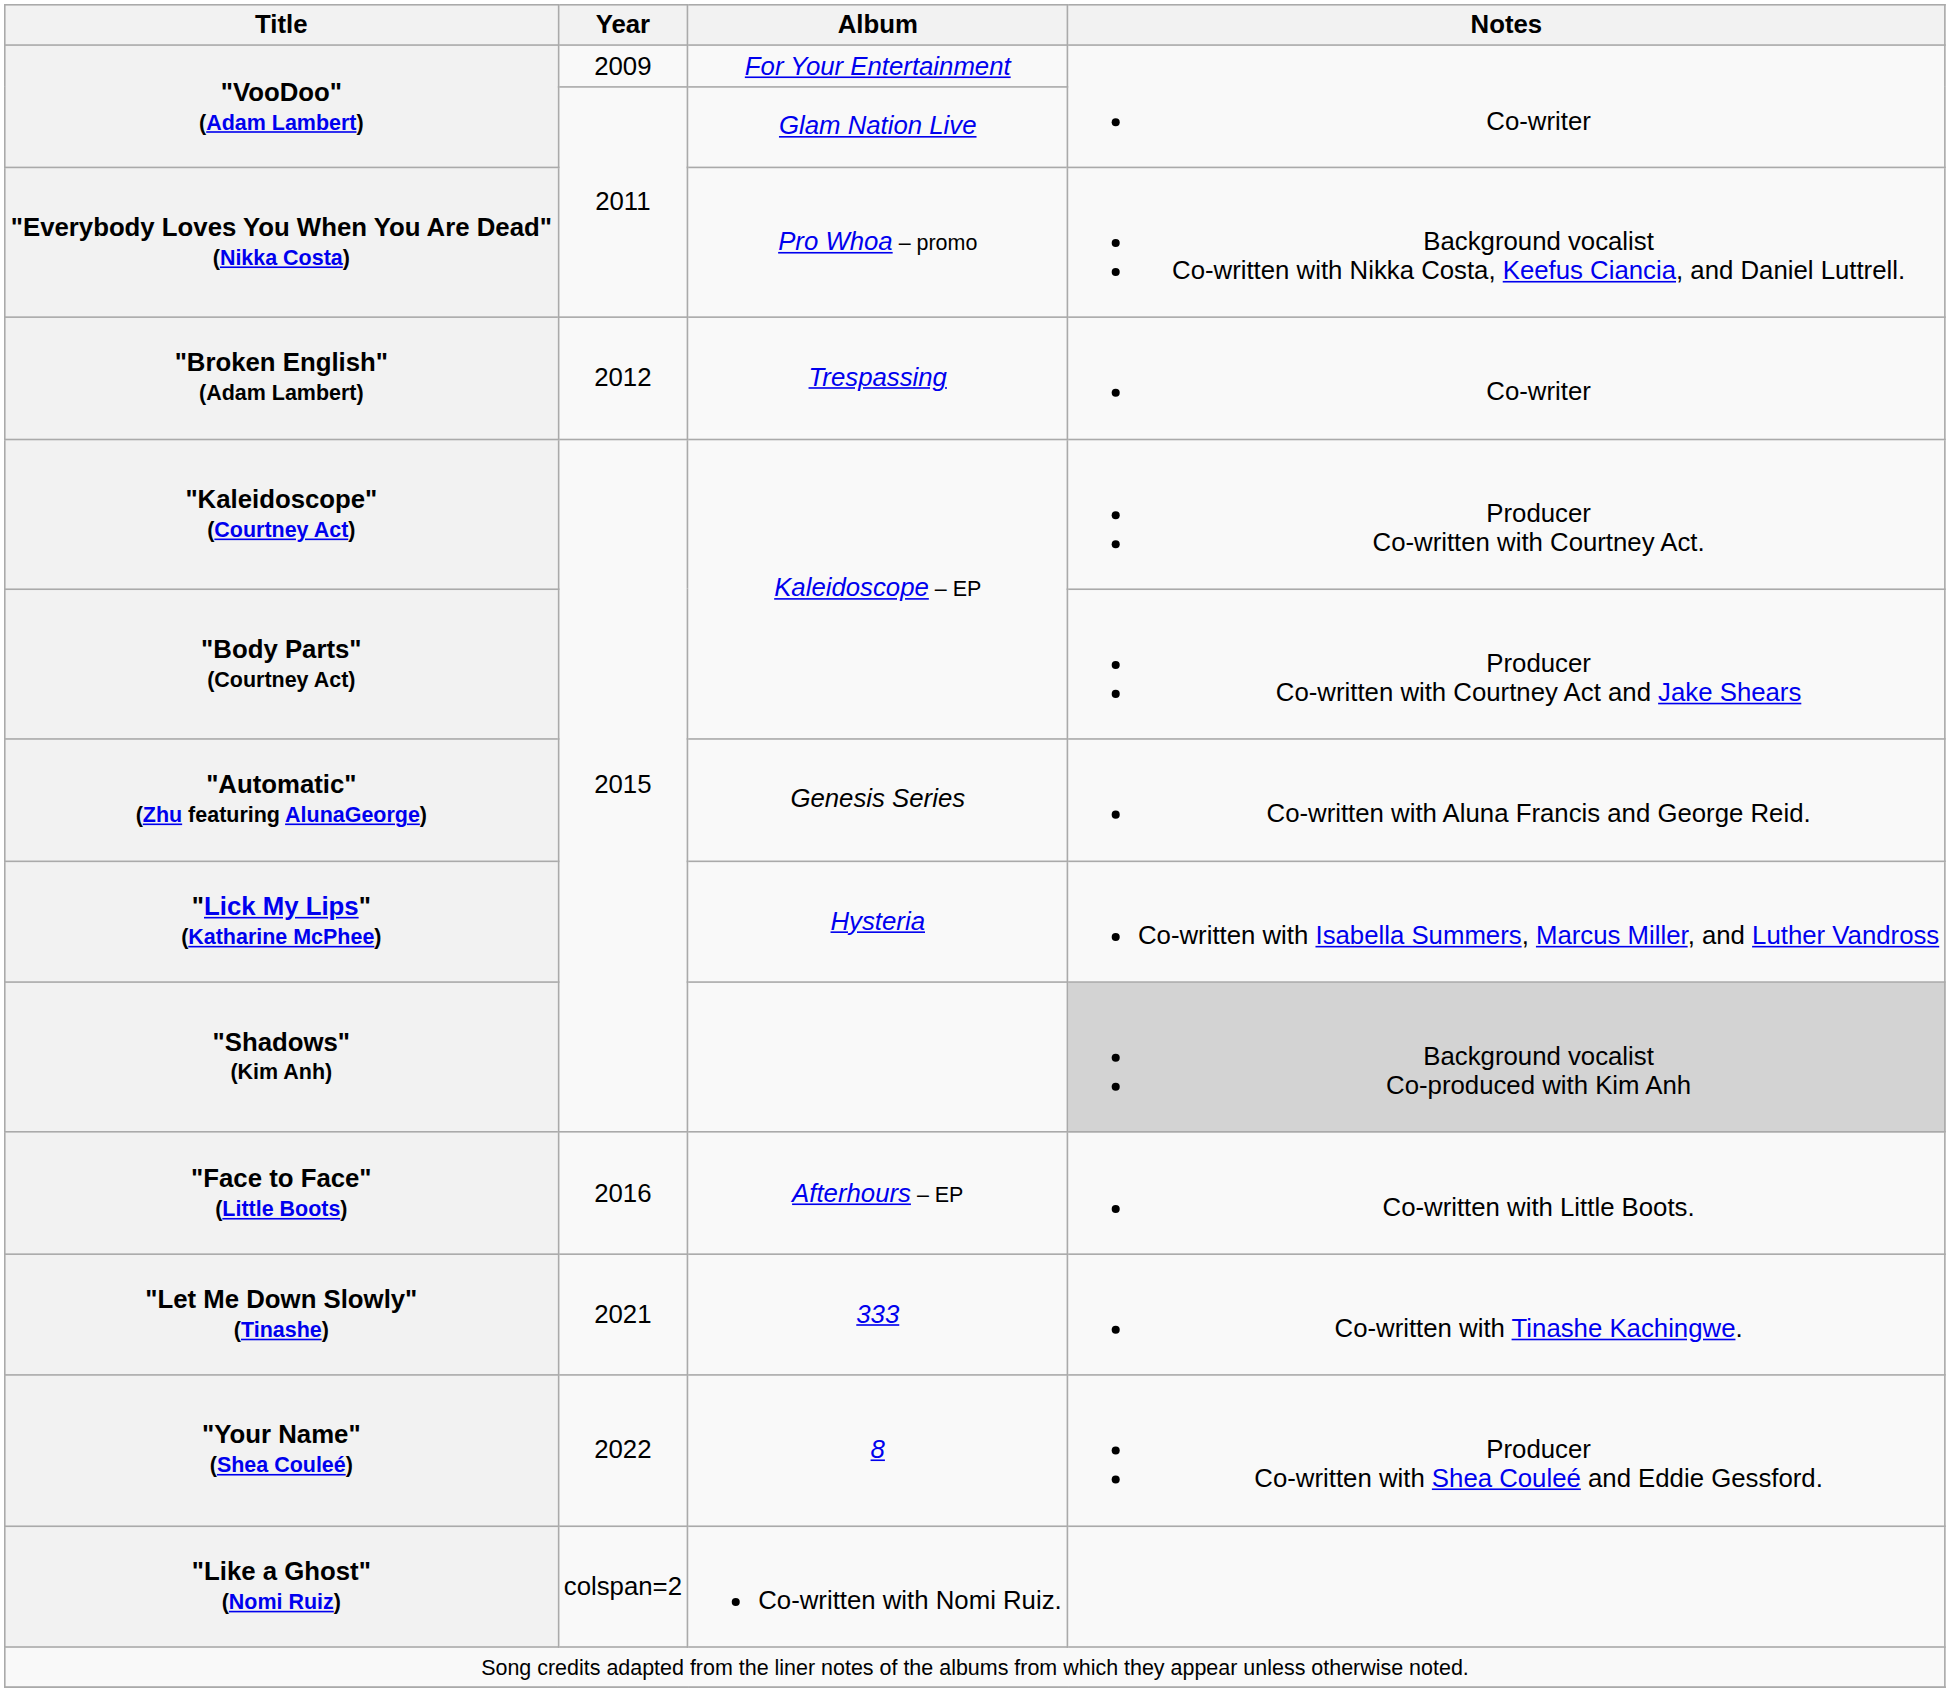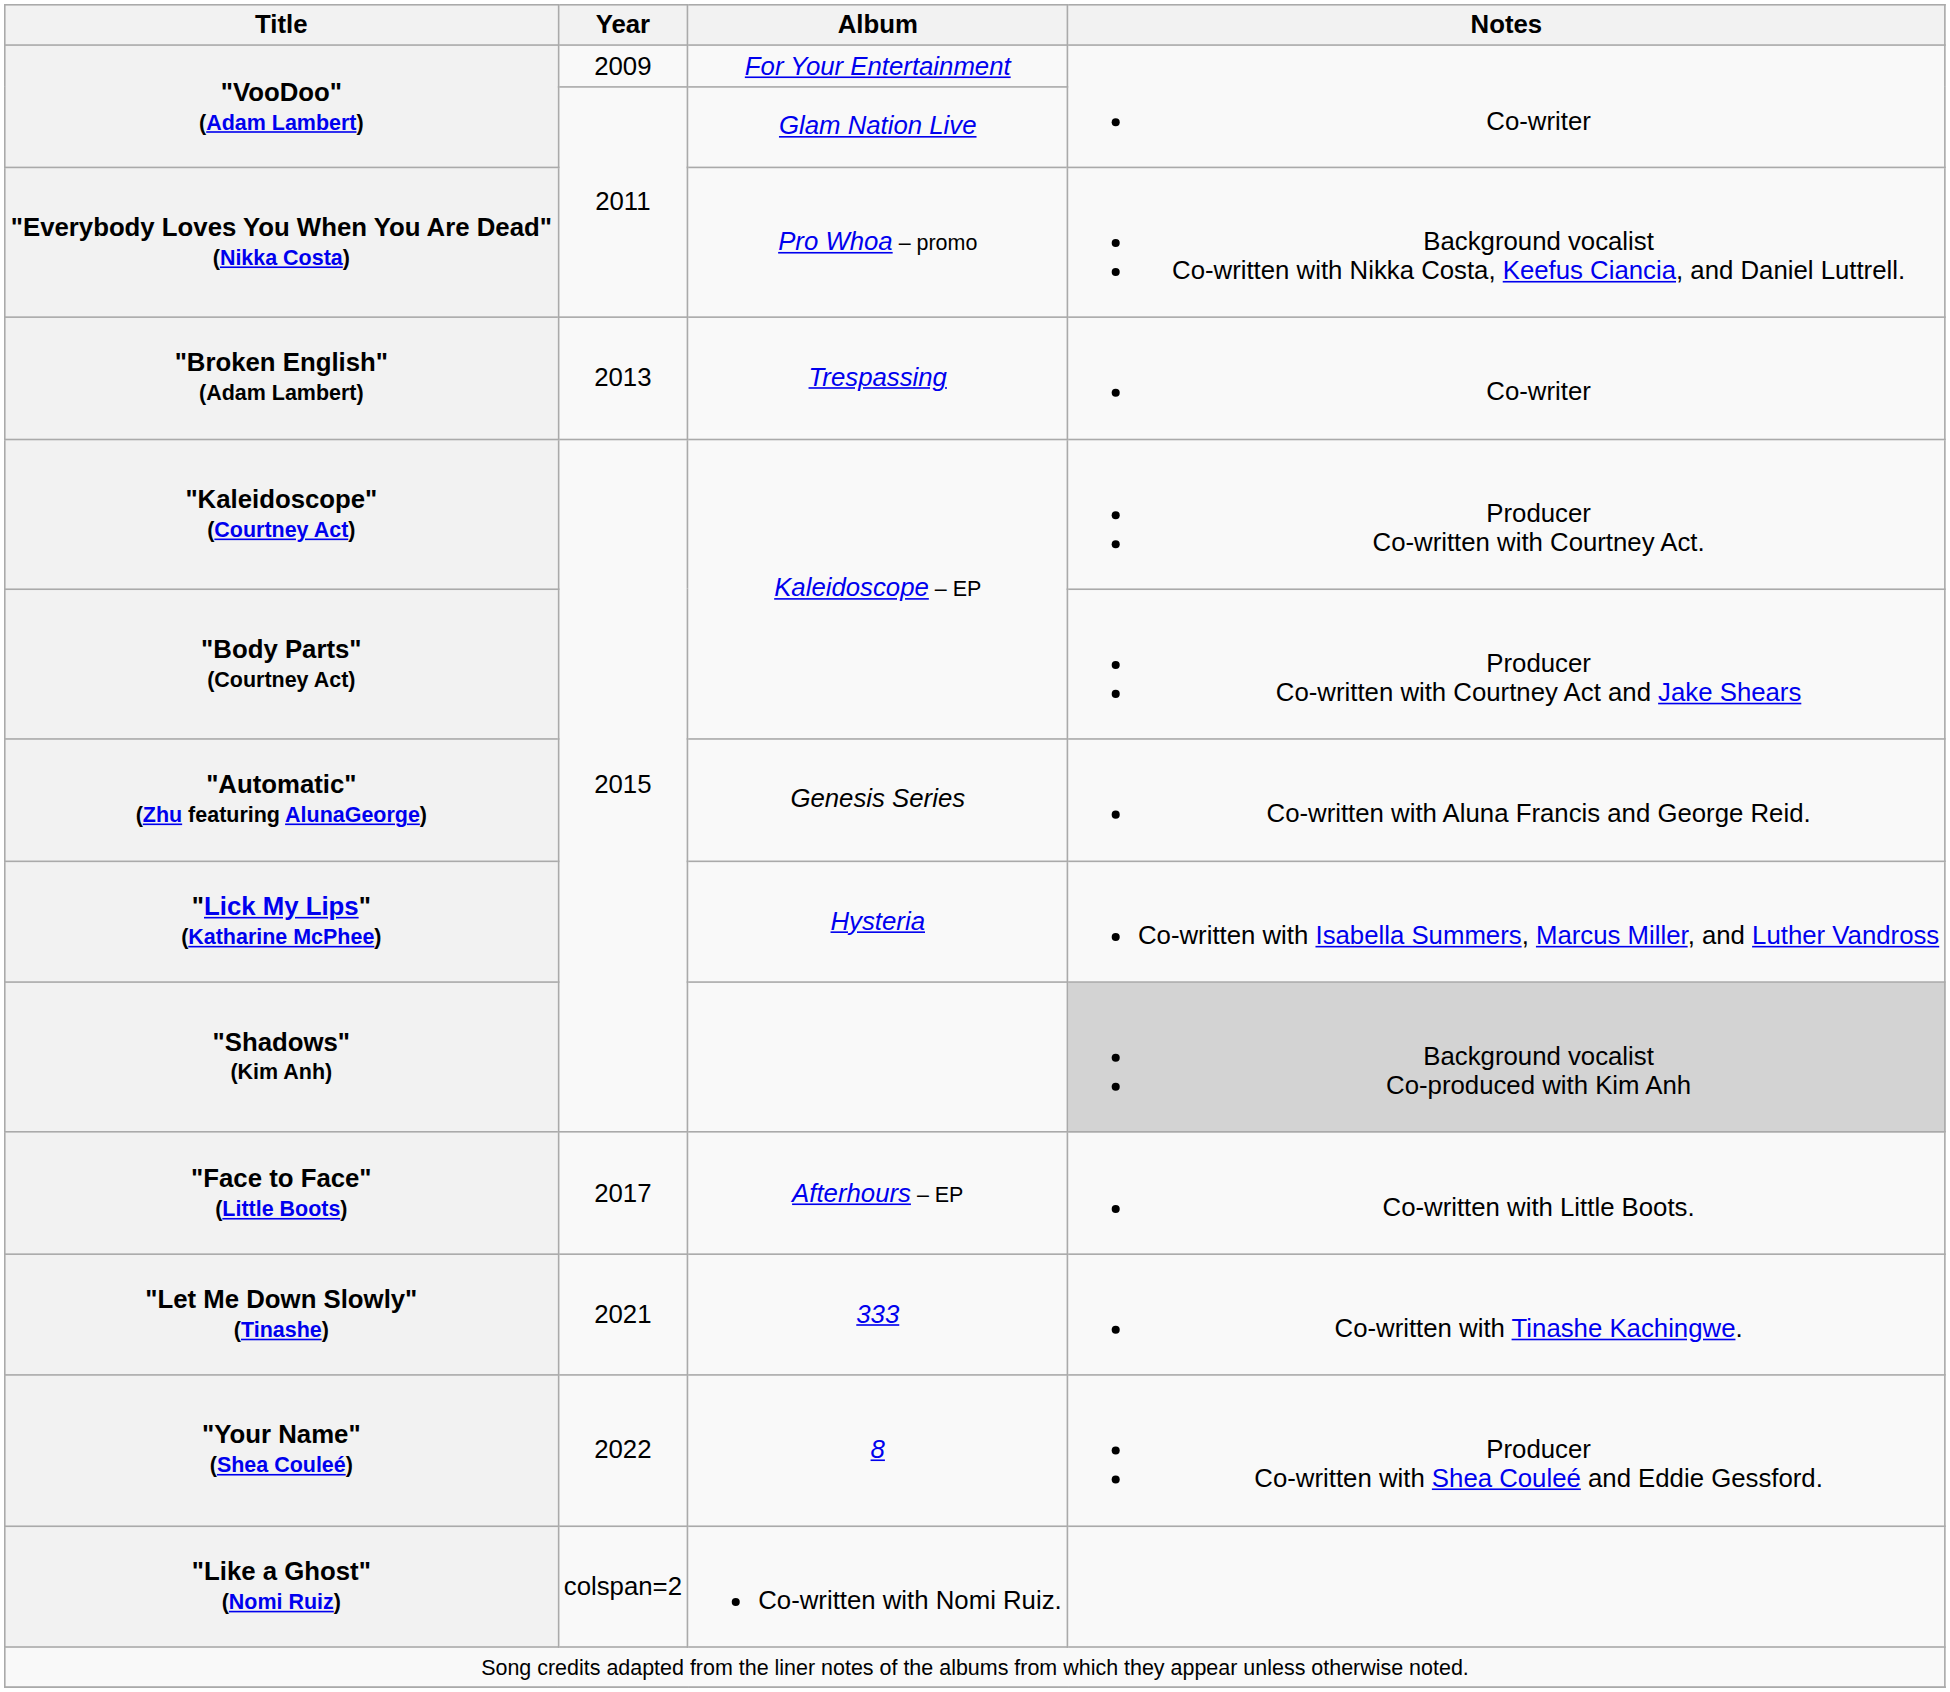 <table class="wikitable plainrowheaders" style="text-align:center;">
 <tr>
 <th scope="col">Title</th>
 <th scope="col">Year</th>
 <th scope="col">Album</th>
 <th scope="col">Notes</th>
 </tr>
 <tr>
 <th scope="row" rowspan=2>"VooDoo"<br><small>(<a href='#'>Adam Lambert</a>)</small></th>
 <td>2009</td>
 <td><em><a href='#'>For Your Entertainment</a></em></td>
 <td rowspan=2><br><ul><li>Co-writer</li></ul></td>
 </tr>
 <tr>
 <td rowspan=2>2011</td>
 <td><em><a href='#'>Glam Nation Live</a></em></td>
 </tr>
 <tr>
 <th scope="row">"Everybody Loves You When You Are Dead"<br><small>(<a href='#'>Nikka Costa</a>)</small></th>
 <td><em><a href='#'>Pro Whoa</a></em><small> – promo</small></td>
 <td><br><ul><li>Background vocalist</li><li>Co-written with Nikka Costa, <a href='#'>Keefus Ciancia</a>, and Daniel Luttrell.</li></ul></td>
 </tr>
 <tr>
 <th scope="row">"Broken English"<br><small>(Adam Lambert)</small></th>
-<td>2012</td>
+<td>2013</td>
 <td><em><a href='#'>Trespassing</a></em></td>
 <td><br><ul><li>Co-writer</li></ul></td>
 </tr>
 <tr>
 <th scope="row">"Kaleidoscope"<br><small>(<a href='#'>Courtney Act</a>)</small></th>
 <td rowspan=5>2015</td>
 <td rowspan=2><a href='#'><em>Kaleidoscope</em></a><small> – EP</small></td>
 <td><br><ul><li>Producer</li><li>Co-written with Courtney Act.</li></ul></td>
 </tr>
 <tr>
 <th scope="row">"Body Parts"<br><small>(Courtney Act)</small></th>
 <td><br><ul><li>Producer</li><li>Co-written with Courtney Act and <a href='#'>Jake Shears</a></li></ul></td>
 </tr>
 <tr>
 <th scope="row">"Automatic"<br><small>(<a href='#'>Zhu</a> featuring <a href='#'>AlunaGeorge</a>)</small></th>
 <td><em>Genesis Series</em></td>
 <td><br><ul><li>Co-written with Aluna Francis and George Reid.</li></ul></td>
 </tr>
 <tr>
 <th scope="row">"<a href='#'>Lick My Lips</a>"<br><small>(<a href='#'>Katharine McPhee</a>)</small></th>
 <td><em><a href='#'>Hysteria</a></em></td>
 <td><br><ul><li>Co-written with <a href='#'>Isabella Summers</a>, <a href='#'>Marcus Miller</a>, and <a href='#'>Luther Vandross</a></li></ul></td>
 </tr>
 <tr>
 <th scope="row">"Shadows"<br><small>(Kim Anh)</small></th>
 <td></td>
 <td style="background: lightgrey;"><br><ul><li>Background vocalist</li><li>Co-produced with Kim Anh</li></ul></td>
 </tr>
 <tr>
 <th scope="row">"Face to Face"<br><small>(<a href='#'>Little Boots</a>)</small></th>
-<td>2016</td>
+<td>2017</td>
 <td><em><a href='#'>Afterhours</a></em><small> – EP</small></td>
 <td><br><ul><li>Co-written with Little Boots.</li></ul></td>
 </tr>
 <tr>
 <th scope="row">"Let Me Down Slowly"<br><small>(<a href='#'>Tinashe</a>)</small></th>
 <td>2021</td>
 <td><em><a href='#'>333</a></em></td>
 <td><br><ul><li>Co-written with <a href='#'>Tinashe Kachingwe</a>.</li></ul></td>
 </tr>
 <tr>
 <th scope="row">"Your Name"<br><small>(<a href='#'>Shea Couleé</a>)</small></th>
 <td>2022</td>
 <td><em><a href='#'>8</a></em></td>
 <td><br><ul><li>Producer</li><li>Co-written with <a href='#'>Shea Couleé</a> and Eddie Gessford.</li></ul></td>
 </tr>
 <tr>
 <th scope="row">"Like a Ghost"<br><small>(<a href='#'>Nomi Ruiz</a>)</small></th>
 <td>colspan=2 </td>
 <td><br><ul><li>Co-written with Nomi Ruiz.</li></ul></td>
 </tr>
 <tr>
 <td colspan="6" align="center"><small>Song credits adapted from the liner notes of the albums from which they appear unless otherwise noted.</small></td>
 </tr>
 <tr>
 </tr>
 </table>
